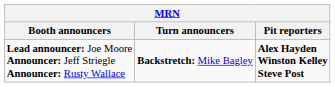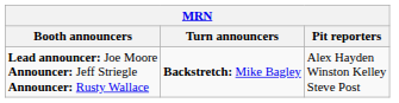 <table class="wikitable" style="font-size: 95%;">
 <tr>
 <th colspan="3"><a href='#'>MRN</a></th>
 </tr>
 <tr>
 <th>Booth announcers</th>
 <th>Turn announcers</th>
 <th>Pit reporters</th>
 </tr>
 <tr>
 <td><strong>Lead announcer:</strong> Joe Moore<br><strong>Announcer:</strong> Jeff Striegle<br><strong>Announcer:</strong> <a href='#'>Rusty Wallace</a></td>
 <td><strong>Backstretch:</strong> <a href='#'>Mike Bagley</a></td>
-<td><strong>Alex Hayden<br>Winston Kelley<br>Steve Post</strong></td>
+<td>Alex Hayden<br>Winston Kelley<br>Steve Post</td>
 </tr>
 </table>
